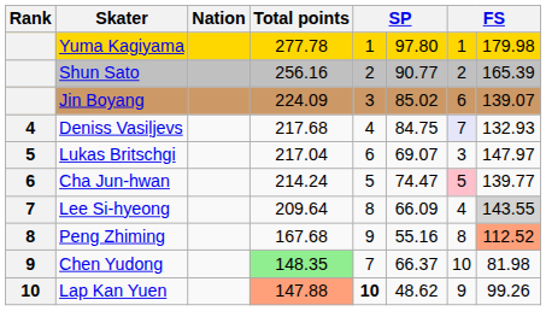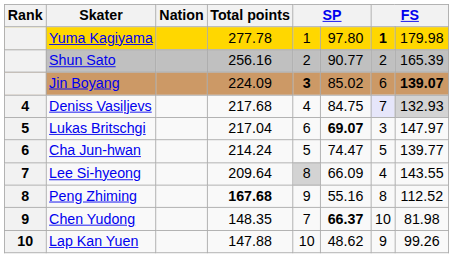 <table class="wikitable sortable" style="text-align:left">
 <tr>
 <th scope="col">Rank</th>
 <th scope="col">Skater</th>
 <th scope="col">Nation</th>
 <th scope="col">Total points</th>
 <th scope="col" colspan="2" width="80px"><a href='#'>SP</a></th>
 <th scope="col" colspan="2" width="80px"><a href='#'>FS</a></th>
 </tr>
 <tr bgcolor="gold">
 <th scope="row"></th>
 <td><a href='#'>Yuma Kagiyama</a></td>
 <td></td>
 <td align="center">277.78</td>
 <td align="center">1</td>
 <td align="center">97.80</td>
-<td align="center">1</td>
+<td align="center"><strong>1</strong></td>
 <td align="center">179.98</td>
 </tr>
 <tr bgcolor="silver">
 <th scope="row"></th>
 <td><a href='#'>Shun Sato</a></td>
 <td></td>
 <td align="center">256.16</td>
 <td align="center">2</td>
 <td align="center">90.77</td>
 <td align="center">2</td>
 <td align="center">165.39</td>
 </tr>
 <tr bgcolor="cc9966">
 <th scope="row"></th>
 <td><a href='#'>Jin Boyang</a></td>
 <td></td>
 <td align="center">224.09</td>
-<td align="center">3</td>
+<td align="center"><strong>3</strong></td>
 <td align="center">85.02</td>
 <td align="center">6</td>
-<td align="center">139.07</td>
+<td align="center"><strong>139.07</strong></td>
 </tr>
 <tr>
 <th scope="row">4</th>
 <td><a href='#'>Deniss Vasiļjevs</a></td>
 <td></td>
 <td align="center">217.68</td>
 <td align="center">4</td>
 <td align="center">84.75</td>
 <td align="center" style="background: lavender;">7</td>
-<td align="center">132.93</td>
+<td align="center" style="background: lightgrey;">132.93</td>
 </tr>
 <tr>
 <th scope="row">5</th>
 <td><a href='#'>Lukas Britschgi</a></td>
 <td></td>
 <td align="center">217.04</td>
 <td align="center">6</td>
-<td align="center">69.07</td>
+<td align="center"><strong>69.07</strong></td>
 <td align="center">3</td>
 <td align="center">147.97</td>
 </tr>
 <tr>
 <th scope="row">6</th>
 <td><a href='#'>Cha Jun-hwan</a></td>
 <td></td>
 <td align="center">214.24</td>
 <td align="center">5</td>
 <td align="center">74.47</td>
-<td align="center" style="background: pink;">5</td>
+<td align="center">5</td>
 <td align="center">139.77</td>
 </tr>
 <tr>
 <th scope="row">7</th>
 <td><a href='#'>Lee Si-hyeong</a></td>
 <td></td>
 <td align="center">209.64</td>
-<td align="center">8</td>
+<td align="center" style="background: lightgrey;">8</td>
 <td align="center">66.09</td>
 <td align="center">4</td>
-<td align="center" style="background: lightgrey;">143.55</td>
+<td align="center">143.55</td>
 </tr>
 <tr>
 <th scope="row">8</th>
 <td><a href='#'>Peng Zhiming</a></td>
 <td></td>
-<td align="center">167.68</td>
+<td align="center"><strong>167.68</strong></td>
 <td align="center">9</td>
 <td align="center">55.16</td>
 <td align="center">8</td>
-<td align="center" style="background: lightsalmon;">112.52</td>
+<td align="center">112.52</td>
 </tr>
 <tr>
 <th scope="row">9</th>
 <td><a href='#'>Chen Yudong</a></td>
 <td></td>
-<td align="center" style="background: lightgreen;">148.35</td>
+<td align="center">148.35</td>
 <td align="center">7</td>
-<td align="center">66.37</td>
+<td align="center"><strong>66.37</strong></td>
 <td align="center">10</td>
 <td align="center">81.98</td>
 </tr>
 <tr>
 <th scope="row">10</th>
 <td><a href='#'>Lap Kan Yuen</a></td>
 <td></td>
-<td align="center" style="background: lightsalmon;">147.88</td>
-<td align="center"><strong>10</strong></td>
+<td align="center">147.88</td>
+<td align="center">10</td>
 <td align="center">48.62</td>
 <td align="center">9</td>
 <td align="center">99.26</td>
 </tr>
 </table>
